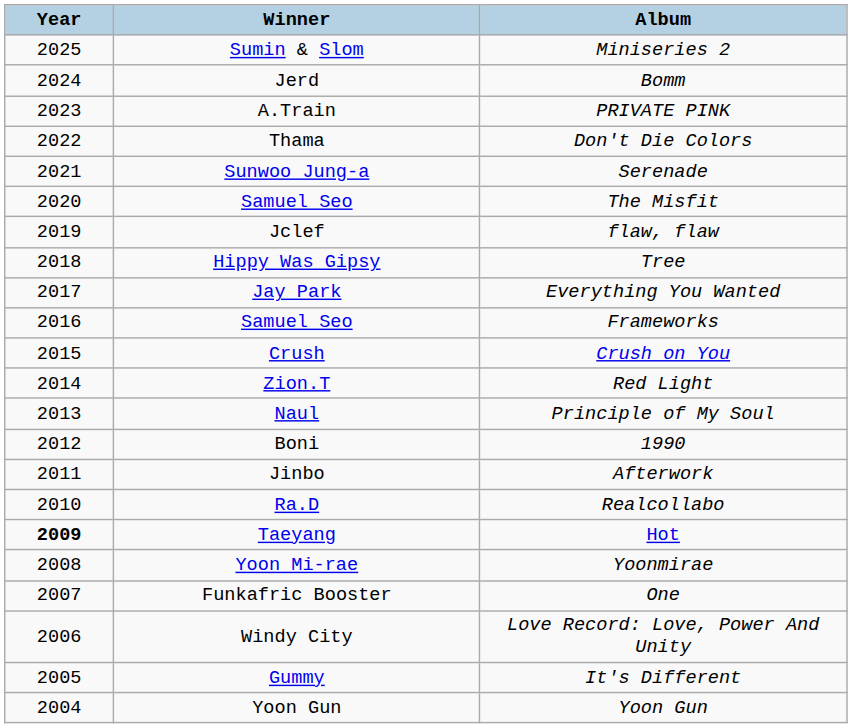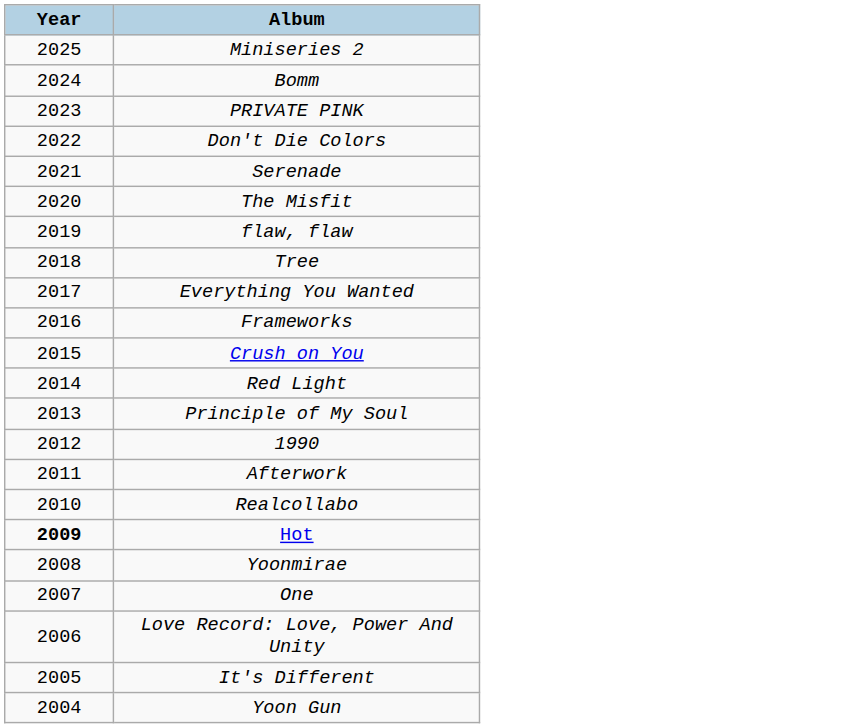 <table class="wikitable" style="text-align: center">
 <tr>
 <th width="70" style="background:#b3d1e3;">Year</th>
-<th width="250" style="background:#b3d1e3;">Winner</th>
 <th width="250" style="background:#b3d1e3;">Album</th>
 </tr>
 <tr>
 <td>2025</td>
-<td><a href='#'>Sumin</a> & <a href='#'>Slom</a></td>
 <td><em>Miniseries 2</em></td>
 </tr>
 <tr>
 <td>2024</td>
-<td>Jerd</td>
 <td><em>Bomm</em></td>
 </tr>
 <tr>
 <td>2023</td>
-<td>A.Train</td>
 <td><em>PRIVATE PINK</em></td>
 </tr>
 <tr>
 <td>2022</td>
-<td>Thama</td>
 <td><em>Don't Die Colors</em></td>
 </tr>
 <tr>
 <td>2021</td>
-<td><a href='#'>Sunwoo Jung-a</a></td>
 <td><em>Serenade</em></td>
 </tr>
 <tr>
 <td>2020</td>
-<td><a href='#'>Samuel Seo</a></td>
 <td><em>The Misfit</em></td>
 </tr>
 <tr>
 <td>2019</td>
-<td>Jclef</td>
 <td><em>flaw, flaw</em></td>
 </tr>
 <tr>
 <td>2018</td>
-<td><a href='#'>Hippy Was Gipsy</a></td>
 <td><em>Tree</em></td>
 </tr>
 <tr>
 <td>2017</td>
-<td><a href='#'>Jay Park</a></td>
 <td><em>Everything You Wanted</em></td>
 </tr>
 <tr>
 <td>2016</td>
-<td><a href='#'>Samuel Seo</a></td>
 <td><em>Frameworks</em></td>
 </tr>
 <tr>
 <td>2015</td>
-<td><a href='#'>Crush</a></td>
 <td><em><a href='#'>Crush on You</a></em></td>
 </tr>
 <tr>
 <td>2014</td>
-<td><a href='#'>Zion.T</a></td>
 <td><em>Red Light</em></td>
 </tr>
 <tr>
 <td>2013</td>
-<td><a href='#'>Naul</a></td>
 <td><em>Principle of My Soul</em></td>
 </tr>
 <tr>
 <td>2012</td>
-<td>Boni</td>
 <td><em>1990</em></td>
 </tr>
 <tr>
 <td>2011</td>
-<td>Jinbo</td>
 <td><em>Afterwork</em></td>
 </tr>
 <tr>
 <td>2010</td>
-<td><a href='#'>Ra.D</a></td>
 <td><em> Realcollabo</em></td>
 </tr>
 <tr>
 <td><strong>2009</strong></td>
-<td><a href='#'>Taeyang</a></td>
 <td><a href='#'>Hot</a></td>
 </tr>
 <tr>
 <td>2008</td>
-<td><a href='#'>Yoon Mi-rae</a></td>
 <td><em>Yoonmirae</em></td>
 </tr>
 <tr>
 <td>2007</td>
-<td>Funkafric Booster</td>
 <td><em>One</em></td>
 </tr>
 <tr>
 <td>2006</td>
-<td>Windy City</td>
 <td><em>Love Record: Love, Power And Unity</em></td>
 </tr>
 <tr>
 <td>2005</td>
-<td><a href='#'>Gummy</a></td>
 <td><em>It's Different</em></td>
 </tr>
 <tr>
 <td>2004</td>
-<td>Yoon Gun</td>
 <td><em>Yoon Gun</em></td>
 </tr>
 </table>
